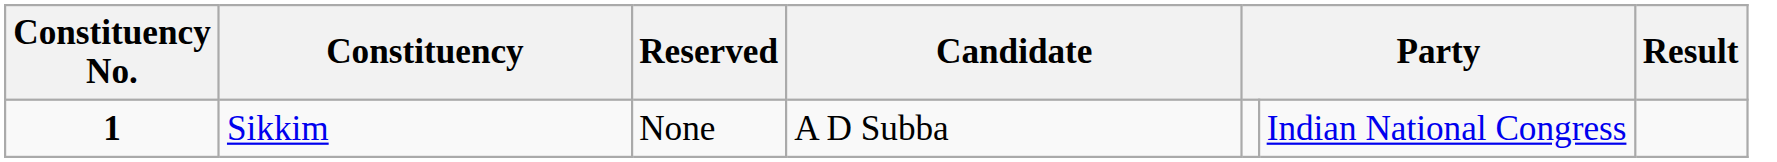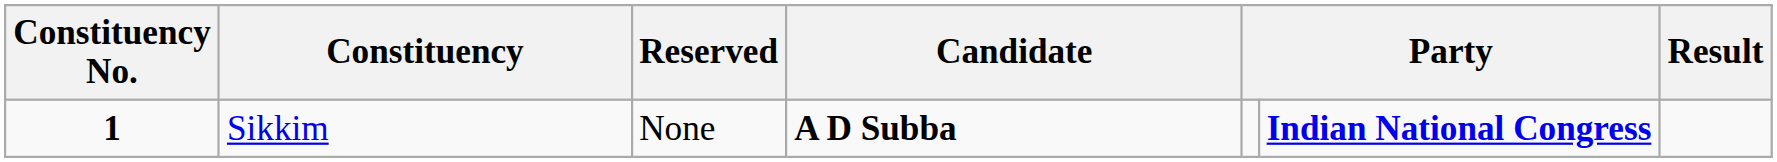 <table class= "wikitable sortable">
 <tr>
 <th>Constituency <br> No.</th>
 <th style="width:180px;">Constituency</th>
 <th>Reserved</th>
 <th style="width:200px;">Candidate</th>
 <th colspan=2>Party</th>
 <th>Result</th>
 </tr>
 <tr>
 <td align="center"><strong>1</strong></td>
 <td><a href='#'>Sikkim</a></td>
 <td>None</td>
-<td>A D Subba</td>
+<td><strong>A D Subba</strong></td>
 <td></td>
-<td><a href='#'>Indian National Congress</a></td>
+<td><strong><a href='#'>Indian National Congress</a></strong></td>
 <td></td>
 </tr>
 </table>
